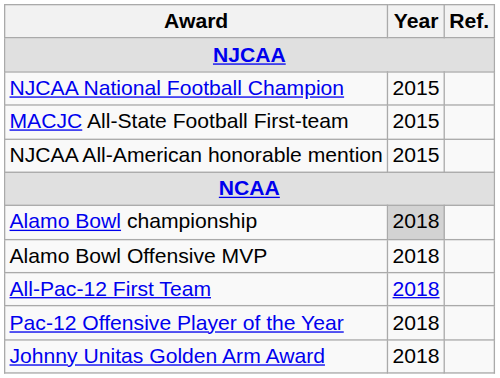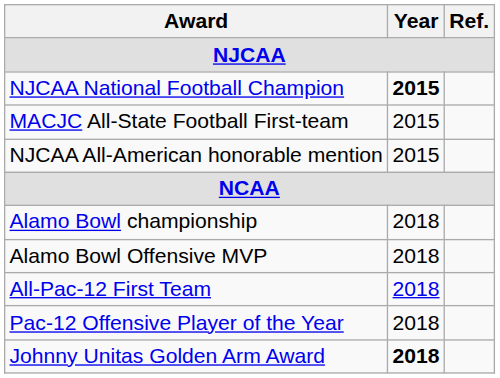 <table class="wikitable">
 <tr>
 <th>Award</th>
 <th>Year</th>
 <th>Ref.</th>
 </tr>
 <tr ALIGN="center" bgcolor="#e0e0e0">
 <td colspan="3"><strong><a href='#'>NJCAA</a></strong></td>
 </tr>
 <tr>
 <td><a href='#'>NJCAA National Football Champion</a></td>
-<td>2015</td>
+<td><strong>2015</strong></td>
 <td></td>
 </tr>
 <tr>
 <td><a href='#'>MACJC</a> All-State Football First-team</td>
 <td>2015</td>
 <td></td>
 </tr>
 <tr>
 <td>NJCAA All-American honorable mention</td>
 <td>2015</td>
 <td></td>
 </tr>
 <tr ALIGN="center" bgcolor="#e0e0e0">
 <td colspan="3"><strong><a href='#'>NCAA</a></strong></td>
 </tr>
 <tr>
 <td><a href='#'>Alamo Bowl</a> championship</td>
-<td style="background: lightgrey;">2018</td>
+<td>2018</td>
 <td></td>
 </tr>
 <tr>
 <td>Alamo Bowl Offensive MVP</td>
 <td>2018</td>
 <td></td>
 </tr>
 <tr>
 <td><a href='#'>All-Pac-12 First Team</a></td>
 <td><a href='#'>2018</a></td>
 <td></td>
 </tr>
 <tr>
 <td><a href='#'>Pac-12 Offensive Player of the Year</a></td>
 <td>2018</td>
 <td></td>
 </tr>
 <tr>
 <td><a href='#'>Johnny Unitas Golden Arm Award</a></td>
-<td>2018</td>
+<td><strong>2018</strong></td>
 <td></td>
 </tr>
 </table>
